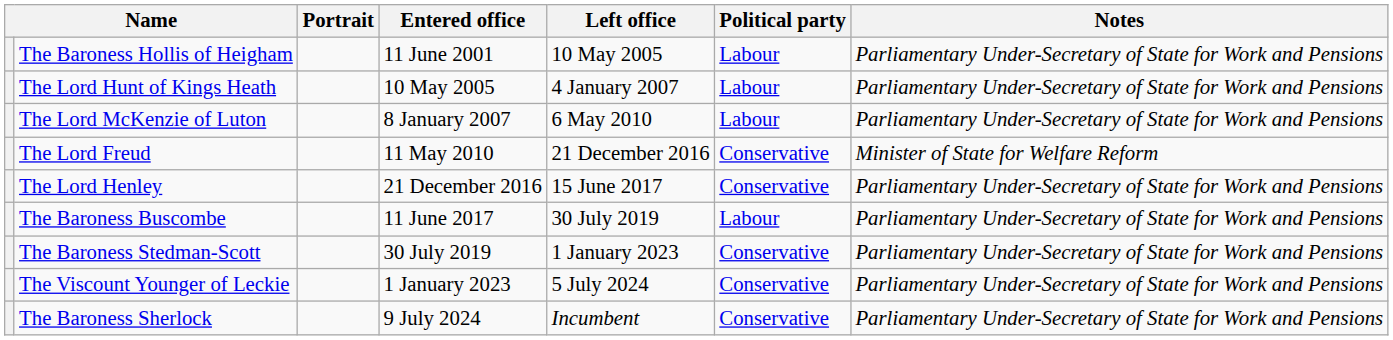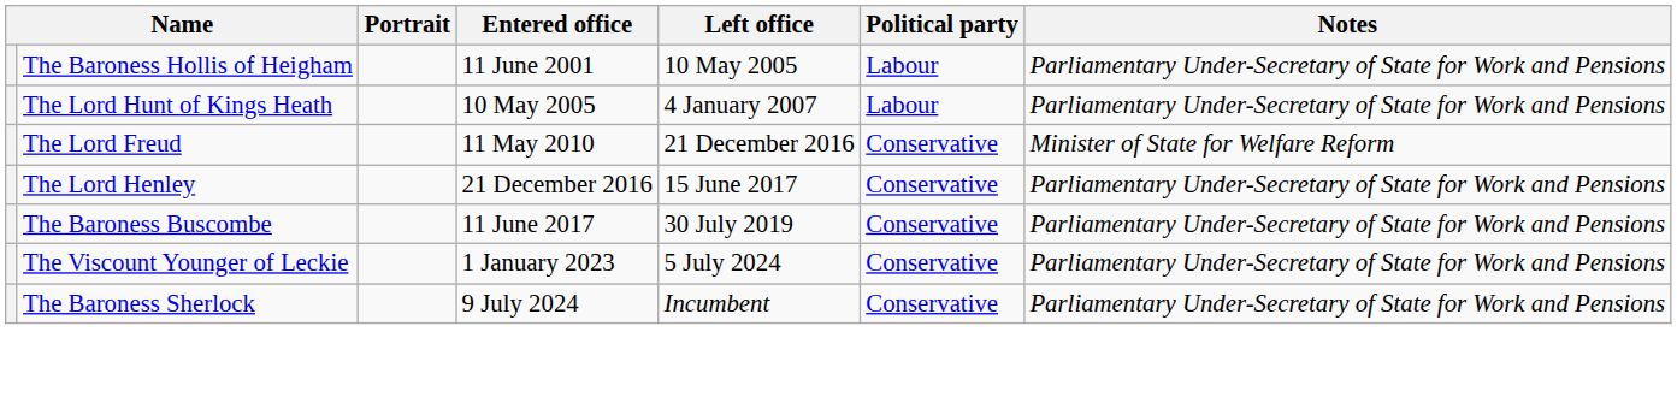 <table class="wikitable">
 <tr>
 <th colspan=2>Name</th>
 <th>Portrait</th>
 <th>Entered office</th>
 <th>Left office</th>
 <th>Political party</th>
 <th>Notes</th>
 </tr>
 <tr>
 <th style="background-color: "></th>
 <td><a href='#'>The Baroness Hollis of Heigham</a></td>
 <td></td>
 <td>11 June 2001</td>
 <td>10 May 2005</td>
 <td><a href='#'>Labour</a></td>
 <td><em>Parliamentary Under-Secretary of State for Work and Pensions</em></td>
 </tr>
 <tr>
 <th style="background-color: "></th>
 <td><a href='#'>The Lord Hunt of Kings Heath</a></td>
 <td></td>
 <td>10 May 2005</td>
 <td>4 January 2007</td>
 <td><a href='#'>Labour</a></td>
 <td><em>Parliamentary Under-Secretary of State for Work and Pensions</em></td>
 </tr>
 <tr>
 <th style="background-color: "></th>
-<td><a href='#'>The Lord McKenzie of Luton</a></td>
-<td></td>
-<td>8 January 2007</td>
-<td>6 May 2010</td>
-<td><a href='#'>Labour</a></td>
-<td><em>Parliamentary Under-Secretary of State for Work and Pensions</em></td>
-</tr>
-<tr>
-<th style="background-color: "></th>
 <td><a href='#'>The Lord Freud</a></td>
 <td></td>
 <td>11 May 2010</td>
 <td>21 December 2016</td>
 <td><a href='#'>Conservative</a></td>
 <td><em>Minister of State for Welfare Reform</em></td>
 </tr>
 <tr>
 <th style="background-color: "></th>
 <td><a href='#'>The Lord Henley</a></td>
 <td></td>
 <td>21 December 2016</td>
 <td>15 June 2017</td>
 <td><a href='#'>Conservative</a></td>
 <td><em>Parliamentary Under-Secretary of State for Work and Pensions</em></td>
 </tr>
 <tr>
 <th style="background-color: "></th>
 <td><a href='#'>The Baroness Buscombe</a></td>
 <td></td>
 <td>11 June 2017</td>
 <td>30 July 2019</td>
-<td><a href='#'>Labour</a></td>
-<td><em>Parliamentary Under-Secretary of State for Work and Pensions</em></td>
-</tr>
-<tr>
-<th style="background-color: "></th>
-<td><a href='#'>The Baroness Stedman-Scott</a></td>
-<td></td>
-<td>30 July 2019</td>
-<td>1 January 2023</td>
 <td><a href='#'>Conservative</a></td>
 <td><em>Parliamentary Under-Secretary of State for Work and Pensions</em></td>
 </tr>
 <tr>
 <th style="background-color: "></th>
 <td><a href='#'>The Viscount Younger of Leckie</a></td>
 <td></td>
 <td>1 January 2023</td>
 <td>5 July 2024</td>
 <td><a href='#'>Conservative</a></td>
 <td><em>Parliamentary Under-Secretary of State for Work and Pensions</em></td>
 </tr>
 <tr>
 <th style="background-color: "></th>
 <td><a href='#'>The Baroness Sherlock</a></td>
 <td></td>
 <td>9 July 2024</td>
 <td><em>Incumbent</em></td>
 <td><a href='#'>Conservative</a></td>
 <td><em>Parliamentary Under-Secretary of State for Work and Pensions</em></td>
 </tr>
 </table>
